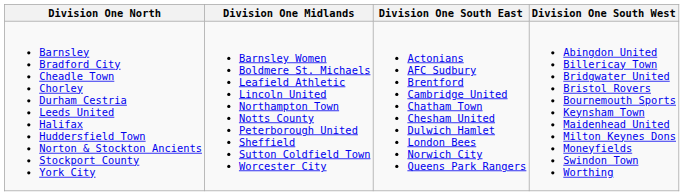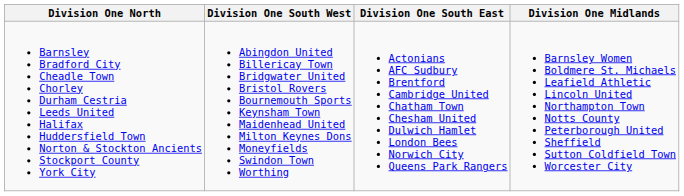 <table class="wikitable" style="margin: 1em auto; border: none;">
 <tr>
 <th>Division One North</th>
+<th>Division One South West</th>
+<th>Division One South East</th>
 <th>Division One Midlands</th>
-<th>Division One South East</th>
-<th>Division One South West</th>
 </tr>
 <tr>
 <td><br><ul><li><a href='#'>Barnsley</a></li><li><a href='#'>Bradford City</a></li><li><a href='#'>Cheadle Town</a></li><li><a href='#'>Chorley</a></li><li><a href='#'>Durham Cestria</a></li><li><a href='#'>Leeds United</a></li><li><a href='#'>Halifax</a></li><li><a href='#'> Huddersfield Town</a></li><li><a href='#'>Norton & Stockton Ancients</a></li><li><a href='#'>Stockport County</a></li><li><a href='#'>York City</a></li></ul></td>
+<td><br><ul><li><a href='#'>Abingdon United</a></li><li><a href='#'>Billericay Town</a></li><li><a href='#'>Bridgwater United</a></li><li><a href='#'>Bristol Rovers</a></li><li><a href='#'>Bournemouth Sports</a></li><li><a href='#'>Keynsham Town</a></li><li><a href='#'>Maidenhead United</a></li><li><a href='#'>Milton Keynes Dons</a></li><li><a href='#'>Moneyfields</a></li><li><a href='#'>Swindon Town</a></li><li><a href='#'>Worthing</a></li></ul></td>
+<td><br><ul><li><a href='#'>Actonians</a></li><li><a href='#'>AFC Sudbury</a></li><li><a href='#'>Brentford</a></li><li><a href='#'>Cambridge United</a></li><li><a href='#'>Chatham Town</a></li><li><a href='#'>Chesham United</a></li><li><a href='#'>Dulwich Hamlet</a></li><li><a href='#'>London Bees</a></li><li><a href='#'>Norwich City</a></li><li><a href='#'>Queens Park Rangers</a></li></ul></td>
 <td><br><ul><li><a href='#'>Barnsley Women</a></li><li><a href='#'>Boldmere St. Michaels</a></li><li><a href='#'>Leafield Athletic</a></li><li><a href='#'>Lincoln United</a></li><li><a href='#'>Northampton Town</a></li><li><a href='#'>Notts County</a></li><li><a href='#'>Peterborough United</a></li><li><a href='#'>Sheffield</a></li><li><a href='#'>Sutton Coldfield Town</a></li><li><a href='#'>Worcester City</a></li></ul></td>
-<td><br><ul><li><a href='#'>Actonians</a></li><li><a href='#'>AFC Sudbury</a></li><li><a href='#'>Brentford</a></li><li><a href='#'>Cambridge United</a></li><li><a href='#'>Chatham Town</a></li><li><a href='#'>Chesham United</a></li><li><a href='#'>Dulwich Hamlet</a></li><li><a href='#'>London Bees</a></li><li><a href='#'>Norwich City</a></li><li><a href='#'>Queens Park Rangers</a></li></ul></td>
-<td><br><ul><li><a href='#'>Abingdon United</a></li><li><a href='#'>Billericay Town</a></li><li><a href='#'>Bridgwater United</a></li><li><a href='#'>Bristol Rovers</a></li><li><a href='#'>Bournemouth Sports</a></li><li><a href='#'>Keynsham Town</a></li><li><a href='#'>Maidenhead United</a></li><li><a href='#'>Milton Keynes Dons</a></li><li><a href='#'>Moneyfields</a></li><li><a href='#'>Swindon Town</a></li><li><a href='#'>Worthing</a></li></ul></td>
 </tr>
 </table>
